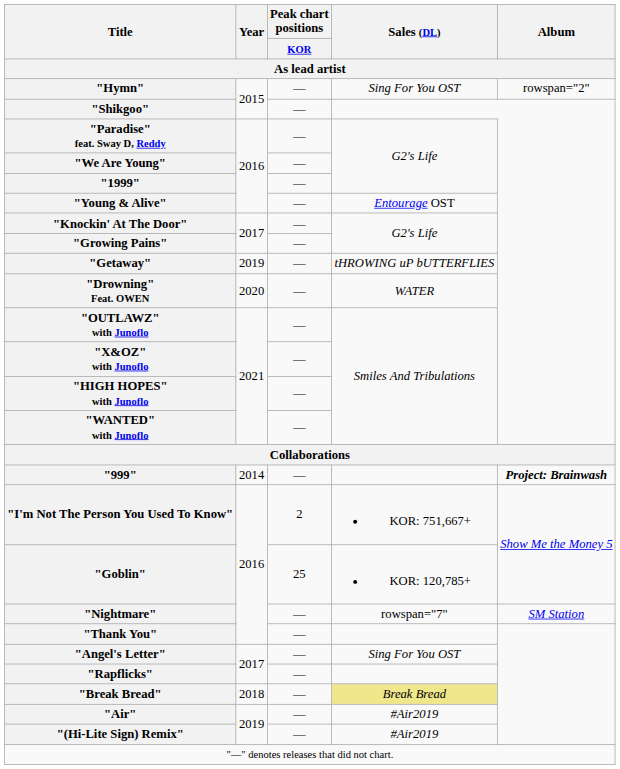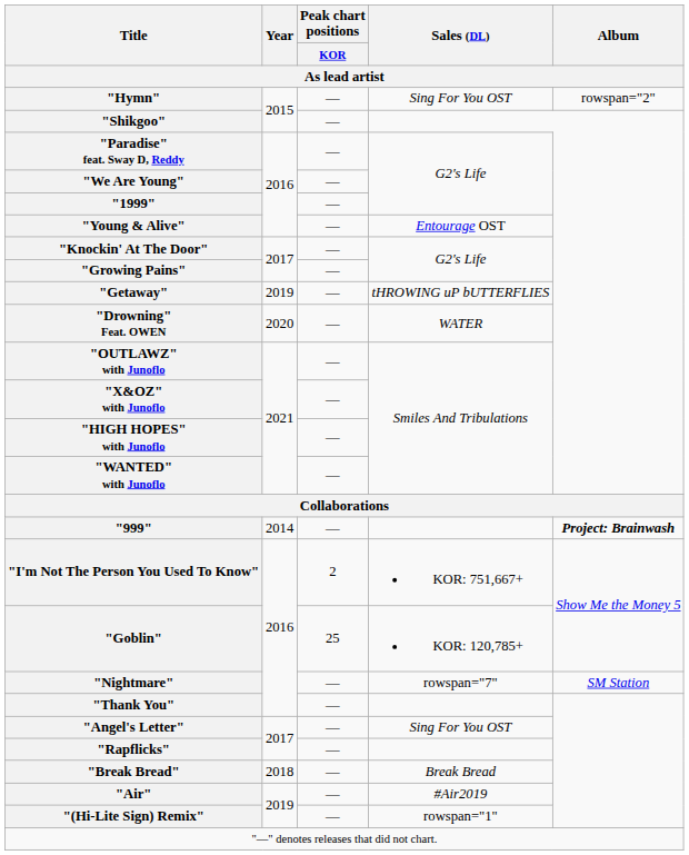 <table class="wikitable plainrowheaders" style="text-align:center;">
 <tr>
 <th scope="col" rowspan="2">Title</th>
 <th scope="col" rowspan="2">Year</th>
 <th scope="col" colspan="1">Peak chart <br> positions</th>
 <th scope="col" rowspan="2">Sales <small>(<a href='#'>DL</a>)</small></th>
 <th scope="col" rowspan="2">Album</th>
 </tr>
 <tr>
 <th><small><a href='#'>KOR</a></small><br></th>
 </tr>
 <tr>
 <th scope="col" colspan="5">As lead artist</th>
 </tr>
 <tr>
 <th scope="row">"Hymn" <br></th>
 <td rowspan="2">2015</td>
 <td>—</td>
 <td><em>Sing For You OST</em></td>
 <td>rowspan="2" </td>
 </tr>
 <tr>
 <th scope="row">"Shikgoo" <br></th>
 <td>—</td>
 </tr>
 <tr>
 <th scope="row">"Paradise" <br><small>feat. Sway D, <a href='#'>Reddy</a></small></th>
 <td rowspan="4">2016</td>
 <td>—</td>
 <td rowspan="3"><em>G2's Life</em></td>
 </tr>
 <tr>
 <th scope="row">"We Are Young" <br></th>
 <td>—</td>
 </tr>
 <tr>
 <th scope="row">"1999"<br></th>
 <td>—</td>
 </tr>
 <tr>
 <th scope="row">"Young & Alive"</th>
 <td>—</td>
 <td><em><a href='#'>Entourage</a></em> OST</td>
 </tr>
 <tr>
 <th scope="row">"Knockin' At The Door"</th>
 <td rowspan="2">2017</td>
 <td>—</td>
 <td rowspan="2"><em>G2's Life</em></td>
 </tr>
 <tr>
 <th scope="row">"Growing Pains"</th>
 <td>—</td>
 </tr>
 <tr>
 <th scope="row">"Getaway"</th>
 <td>2019</td>
 <td>—</td>
 <td><em>tHROWING uP bUTTERFLIES</em></td>
 </tr>
 <tr>
 <th scope="row">"Drowning" <br><small>Feat. OWEN</small></th>
 <td>2020</td>
 <td>—</td>
 <td><em>WATER</em></td>
 </tr>
 <tr>
 <th scope="row">"OUTLAWZ"<br><small>with <a href='#'>Junoflo</a></small></th>
 <td rowspan="4">2021</td>
 <td>—</td>
 <td rowspan="4"><em>Smiles And Tribulations</em></td>
 </tr>
 <tr>
 <th scope="row">"X&OZ"<br><small>with <a href='#'>Junoflo</a></small></th>
 <td>—</td>
 </tr>
 <tr>
 <th scope="row">"HIGH HOPES"<br><small>with <a href='#'>Junoflo</a></small></th>
 <td>—</td>
 </tr>
 <tr>
 <th scope="row">"WANTED"<br><small>with <a href='#'>Junoflo</a></small></th>
 <td>—</td>
 </tr>
 <tr>
 <th scope="col" colspan="5">Collaborations</th>
 </tr>
 <tr>
 <th scope="row">"999"<br></th>
 <td>2014</td>
 <td>—</td>
 <td></td>
 <td><strong><em>Project: Brainwash</em></strong></td>
 </tr>
 <tr>
 <th scope="row">"I'm Not The Person You Used To Know" <br></th>
 <td rowspan="4">2016</td>
 <td>2</td>
 <td><br><ul><li>KOR: 751,667+</li></ul></td>
 <td rowspan="2"><em><a href='#'>Show Me the Money 5</a></em></td>
 </tr>
 <tr>
 <th scope="row">"Goblin" <br></th>
 <td>25</td>
 <td><br><ul><li>KOR: 120,785+</li></ul></td>
 </tr>
 <tr>
 <th scope="row">"Nightmare"<br></th>
 <td>—</td>
 <td>rowspan="7" </td>
 <td><em><a href='#'>SM Station</a></em></td>
 </tr>
 <tr>
 <th scope="row">"Thank You"<br></th>
 <td>—</td>
 <td></td>
 </tr>
 <tr>
 <th scope="row">"Angel's Letter"<br></th>
 <td rowspan="2">2017</td>
 <td>—</td>
 <td><em>Sing For You OST</em></td>
 </tr>
 <tr>
 <th scope="row">"Rapflicks"<br></th>
 <td>—</td>
 <td></td>
 </tr>
 <tr>
 <th scope="row">"Break Bread"<br></th>
 <td>2018</td>
 <td>—</td>
-<td style="background: khaki;"><em>Break Bread</em></td>
+<td><em>Break Bread</em></td>
 </tr>
 <tr>
 <th scope="row">"Air"<br></th>
 <td rowspan="2">2019</td>
 <td>—</td>
 <td><em>#Air2019</em></td>
 </tr>
 <tr>
 <th scope="row">"(Hi-Lite Sign) Remix"  <br></th>
 <td>—</td>
-<td><em>#Air2019</em></td>
+<td>rowspan="1" </td>
 </tr>
 <tr>
 <td colspan="5" align="center"><small>"—" denotes releases that did not chart.</small></td>
 </tr>
 </table>
